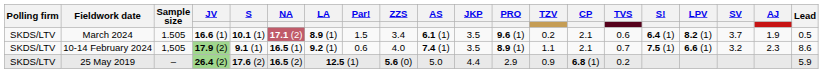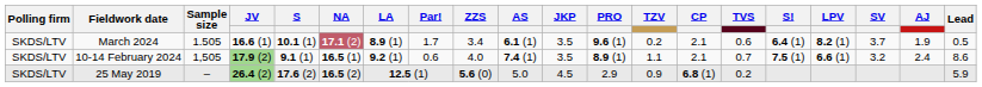 <table class="wikitable sortable mw-datatable" style="text-align:center;font-size:90%;line-height:14px;">
 <tr>
 <th rowspan="2">Polling firm</th>
 <th rowspan="2" class="unsortable">Fieldwork date</th>
 <th rowspan="2" class="unsortable">Sample<br>size</th>
 <th class="unsortable" style="width:50px;"><a href='#'>JV</a><br></th>
 <th class="unsortable" style="width:50px;"><a href='#'>S</a><br></th>
 <th class="unsortable" style="width:50px;"><a href='#'>NA</a><br></th>
 <th class="unsortable" style="width:50px;"><a href='#'>LA</a><br></th>
 <th class="unsortable" style="width:50px;"><a href='#'>Par!</a><br></th>
 <th class="unsortable" style="width:50px;"><a href='#'>ZZS</a></th>
 <th class="unsortable" style="width:50px;"><a href='#'>AS</a></th>
 <th class="unsortable" style="width:50px;"><a href='#'>JKP</a></th>
 <th class="unsortable" style="width:50px;"><a href='#'>PRO</a><br></th>
 <th class="unsortable" style="width:50px;"><a href='#'>TZV</a></th>
 <th class="unsortable" style="width:50px;"><a href='#'>CP</a></th>
 <th class="unsortable" style="width:50px;"><a href='#'>TVS</a></th>
 <th class="unsortable" style="width:50px;"><a href='#'>S!</a></th>
 <th class="unsortable" style="width:50px;"><a href='#'>LPV</a></th>
 <th class="unsortable" style="width:50px;"><a href='#'>SV</a></th>
 <th class="unsortable" style="width:50px;"><a href='#'>AJ</a></th>
 <th rowspan="2" class="unsortable" style="width:30px;">Lead</th>
 </tr>
 <tr>
 <th data-sort-type="number" style="background:"></th>
 <th data-sort-type="number" style="background:"></th>
 <th data-sort-type="number" style="background:"></th>
 <th data-sort-type="number" style="background:"></th>
 <th data-sort-type="number" style="background:"></th>
 <th data-sort-type="number" style="background:"></th>
 <th data-sort-type="number" style="background:"></th>
 <th data-sort-type="number" style="background:"></th>
 <th data-sort-type="number" style="background:"></th>
 <th data-sort-type="number" style="background:#C59D55;"></th>
 <th data-sort-type="number" style="background:"></th>
 <th data-sort-type="number" style="background:#56021C;"></th>
 <th data-sort-type="number" style="background:"></th>
 <th data-sort-type="number" style="background:"></th>
 <th data-sort-type="number" style="background:"></th>
 <th data-sort-type="number" style="background:#c71414;"></th>
 </tr>
 <tr>
 <td>SKDS/LTV</td>
 <td>March 2024</td>
 <td>1.505</td>
 <td><strong>16.6</strong> (1)</td>
 <td><strong>10.1</strong> (1)</td>
 <td style="background:#C05B6A; color:white;"><strong>17.1</strong> (2)</td>
 <td><strong>8.9</strong> (1)</td>
-<td>1.5</td>
+<td>1.7</td>
 <td>3.4</td>
 <td><strong>6.1</strong> (1)</td>
 <td>3.5</td>
 <td><strong>9.6</strong> (1)</td>
 <td>0.2</td>
 <td>2.1</td>
 <td>0.6</td>
 <td><strong>6.4</strong> (1)</td>
 <td><strong>8.2</strong> (1)</td>
 <td>3.7</td>
 <td>1.9</td>
 <td style="background:">0.5</td>
 </tr>
 <tr>
 <td>SKDS/LTV</td>
 <td>10-14 February 2024</td>
 <td>1,505</td>
 <td style="background:#A0D78E"><strong>17.9</strong> (2)</td>
 <td><strong>9.1</strong> (1)</td>
 <td><strong>16.5</strong> (1)</td>
 <td><strong>9.2</strong> (1)</td>
 <td>0.6</td>
 <td>4.0</td>
 <td><strong>7.4</strong> (1)</td>
 <td>3.5</td>
 <td><strong>8.9</strong> (1)</td>
 <td>1.1</td>
 <td>2.1</td>
 <td>0.7</td>
 <td><strong>7.5</strong> (1)</td>
 <td><strong>6.6</strong> (1)</td>
 <td>3.2</td>
-<td>2.3</td>
+<td>2.4</td>
 <td>8.6</td>
 </tr>
 <tr style="background:#E9E9E9;">
 <td>SKDS/LTV</td>
 <td>25 May 2019</td>
 <td>–</td>
 <td style="background:#A0D78E"><strong>26.4</strong> (2)</td>
 <td><strong>17.6</strong> (2)</td>
 <td><strong>16.5</strong> (2)</td>
 <td colspan="2"><strong>12.5</strong> (1)</td>
 <td><strong>5.6</strong> (0)</td>
 <td>5.0</td>
-<td>4.4</td>
+<td>4.5</td>
 <td>2.9</td>
 <td>0.9</td>
 <td><strong>6.8</strong> (1)</td>
 <td>0.2</td>
 <td></td>
 <td></td>
 <td></td>
 <td></td>
 <td>5.9</td>
 </tr>
 </table>
